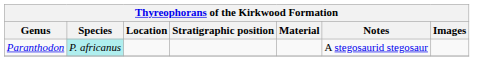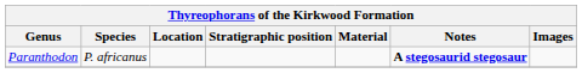 <table class="wikitable" align="center">
 <tr>
 <th colspan="7" align="center"><a href='#'>Thyreophorans</a> of the Kirkwood Formation</th>
 </tr>
 <tr>
 <th>Genus</th>
 <th>Species</th>
 <th>Location</th>
 <th>Stratigraphic position</th>
 <th>Material</th>
 <th>Notes</th>
 <th>Images</th>
 </tr>
 <tr>
 <td><em><a href='#'>Paranthodon</a></em></td>
-<td style="background: paleturquoise;"><em>P. africanus</em></td>
+<td><em>P. africanus</em></td>
 <td></td>
 <td></td>
 <td></td>
-<td>A <a href='#'>stegosaurid stegosaur</a></td>
+<td><strong>A <a href='#'>stegosaurid stegosaur</a></strong></td>
 <td></td>
 </tr>
 <tr>
 </tr>
 </table>
